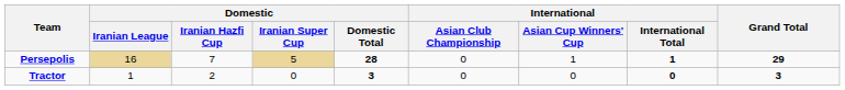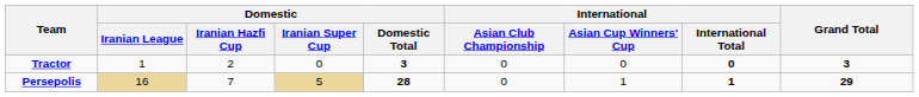 <table class="wikitable" style="text-align:center;">
 <tr>
 <th rowspan=2 width=5% class="wikitable sortable">Team</th>
 <th colspan="4" width="20%" class="sortable">Domestic</th>
 <th colspan="3" width="20%" class="sortable">International</th>
 <th rowspan=2 width=9% class="sortable">Grand Total</th>
 </tr>
 <tr>
 <th width=6% class="sortable"><a href='#'>Iranian League</a></th>
 <th width=6% class="sortable"><a href='#'>Iranian Hazfi Cup</a></th>
 <th width=6% class="sortable"><a href='#'>Iranian Super Cup</a></th>
 <th width=4% class="sortable">Domestic Total</th>
 <th width=6% class="sortable"><a href='#'>Asian Club Championship</a></th>
 <th width=8% class="sortable"><a href='#'>Asian&nbsp;Cup Winners' Cup</a></th>
 <th width=4% class="sortable">International Total</th>
 </tr>
 <tr>
+<td><strong><a href='#'>Tractor</a></strong></td>
+<td>1</td>
+<td>2</td>
+<td>0</td>
+<td><strong>3</strong></td>
+<td>0</td>
+<td>0</td>
+<td><strong>0</strong></td>
+<td><strong>3</strong></td>
+</tr>
+<tr>
 <td><strong><a href='#'>Persepolis</a></strong></td>
 <td style=background:#EBD79B>16</td>
 <td>7</td>
 <td style=background:#EBD79B>5</td>
 <td><strong>28</strong></td>
 <td>0</td>
 <td>1</td>
 <td><strong>1</strong></td>
 <td><strong>29</strong></td>
 </tr>
-<tr>
-<td><strong><a href='#'>Tractor</a></strong></td>
-<td>1</td>
-<td>2</td>
-<td>0</td>
-<td><strong>3</strong></td>
-<td>0</td>
-<td>0</td>
-<td><strong>0</strong></td>
-<td><strong>3</strong></td>
-</tr>
 </table>
